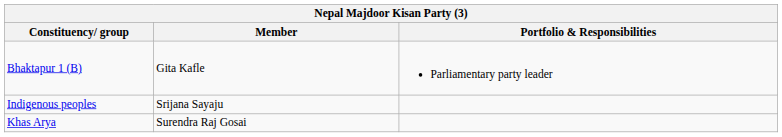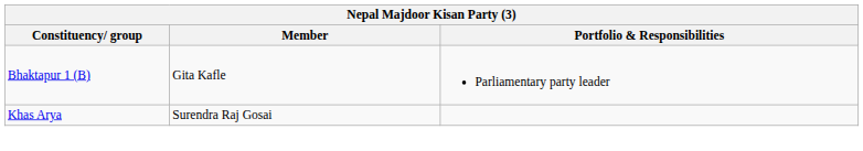 <table class="wikitable sortable">
 <tr>
 <th colspan="3" style="width: 800pt; background:">Nepal Majdoor Kisan Party (3)</th>
 </tr>
 <tr>
 <th style="width:150pt;">Constituency/ group</th>
 <th style="width:250pt;">Member</th>
 <th>Portfolio & Responsibilities</th>
 </tr>
 <tr>
 <td><a href='#'>Bhaktapur 1 (B)</a></td>
 <td>Gita Kafle</td>
 <td><br><ul><li>Parliamentary party leader</li></ul></td>
 </tr>
 <tr>
-<td><a href='#'>Indigenous peoples</a></td>
-<td>Srijana Sayaju</td>
-<td></td>
-</tr>
-<tr>
 <td><a href='#'>Khas Arya</a></td>
 <td>Surendra Raj Gosai</td>
 <td></td>
 </tr>
 </table>
